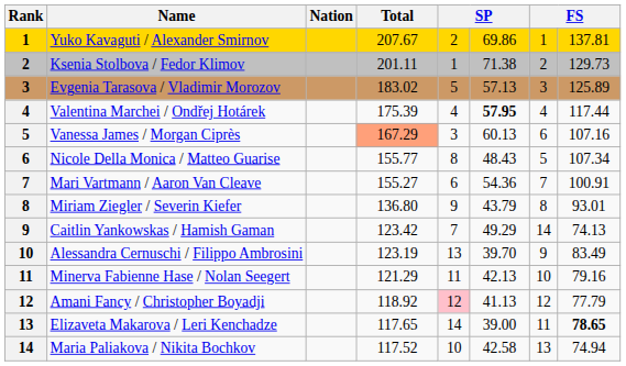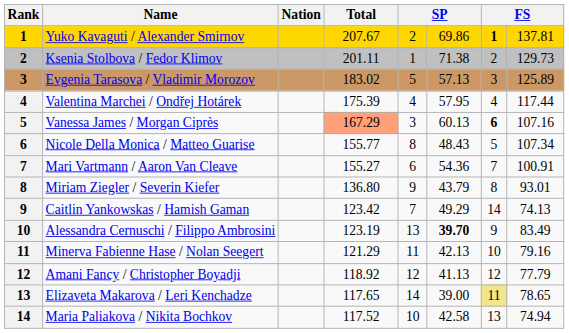 <table class="wikitable sortable">
 <tr>
 <th>Rank</th>
 <th>Name</th>
 <th>Nation</th>
 <th width="80px">Total</th>
 <th colspan="2" width="90px"><a href='#'>SP</a></th>
 <th colspan="2" width="90px"><a href='#'>FS</a></th>
 </tr>
 <tr bgcolor="gold">
 <td align="center"><strong>1</strong></td>
 <td><a href='#'>Yuko Kavaguti</a> / <a href='#'>Alexander Smirnov</a></td>
 <td></td>
 <td align="center">207.67</td>
 <td align="center">2</td>
 <td align="center">69.86</td>
-<td align="center">1</td>
+<td align="center"><strong>1</strong></td>
 <td align="center">137.81</td>
 </tr>
 <tr bgcolor="silver">
 <td align="center"><strong>2</strong></td>
 <td><a href='#'>Ksenia Stolbova</a> / <a href='#'>Fedor Klimov</a></td>
 <td></td>
 <td align="center">201.11</td>
 <td align="center">1</td>
 <td align="center">71.38</td>
 <td align="center">2</td>
 <td align="center">129.73</td>
 </tr>
 <tr bgcolor="cc9966">
 <td align="center"><strong>3</strong></td>
 <td><a href='#'>Evgenia Tarasova</a> / <a href='#'>Vladimir Morozov</a></td>
 <td></td>
 <td align="center">183.02</td>
 <td align="center">5</td>
 <td align="center">57.13</td>
 <td align="center">3</td>
 <td align="center">125.89</td>
 </tr>
 <tr>
 <th>4</th>
 <td><a href='#'>Valentina Marchei</a> / <a href='#'>Ondřej Hotárek</a></td>
 <td></td>
 <td align="center">175.39</td>
 <td align="center">4</td>
-<td align="center"><strong>57.95</strong></td>
+<td align="center">57.95</td>
 <td align="center">4</td>
 <td align="center">117.44</td>
 </tr>
 <tr>
 <th>5</th>
 <td><a href='#'>Vanessa James</a> / <a href='#'>Morgan Ciprès</a></td>
 <td></td>
 <td align="center" style="background: lightsalmon;">167.29</td>
 <td align="center">3</td>
 <td align="center">60.13</td>
-<td align="center">6</td>
+<td align="center"><strong>6</strong></td>
 <td align="center">107.16</td>
 </tr>
 <tr>
 <th>6</th>
 <td><a href='#'>Nicole Della Monica</a> / <a href='#'>Matteo Guarise</a></td>
 <td></td>
 <td align="center">155.77</td>
 <td align="center">8</td>
 <td align="center">48.43</td>
 <td align="center">5</td>
 <td align="center">107.34</td>
 </tr>
 <tr>
 <th>7</th>
 <td><a href='#'>Mari Vartmann</a> / <a href='#'>Aaron Van Cleave</a></td>
 <td></td>
 <td align="center">155.27</td>
 <td align="center">6</td>
 <td align="center">54.36</td>
 <td align="center">7</td>
 <td align="center">100.91</td>
 </tr>
 <tr>
 <th>8</th>
 <td><a href='#'>Miriam Ziegler</a> / <a href='#'>Severin Kiefer</a></td>
 <td></td>
 <td align="center">136.80</td>
 <td align="center">9</td>
 <td align="center">43.79</td>
 <td align="center">8</td>
 <td align="center">93.01</td>
 </tr>
 <tr>
 <th>9</th>
 <td><a href='#'>Caitlin Yankowskas</a> / <a href='#'>Hamish Gaman</a></td>
 <td></td>
 <td align="center">123.42</td>
 <td align="center">7</td>
 <td align="center">49.29</td>
 <td align="center">14</td>
 <td align="center">74.13</td>
 </tr>
 <tr>
 <th>10</th>
 <td><a href='#'>Alessandra Cernuschi</a> / <a href='#'>Filippo Ambrosini</a></td>
 <td></td>
 <td align="center">123.19</td>
 <td align="center">13</td>
-<td align="center">39.70</td>
+<td align="center"><strong>39.70</strong></td>
 <td align="center">9</td>
 <td align="center">83.49</td>
 </tr>
 <tr>
 <th>11</th>
 <td><a href='#'>Minerva Fabienne Hase</a> / <a href='#'>Nolan Seegert</a></td>
 <td></td>
 <td align="center">121.29</td>
 <td align="center">11</td>
 <td align="center">42.13</td>
 <td align="center">10</td>
 <td align="center">79.16</td>
 </tr>
 <tr>
 <th>12</th>
 <td><a href='#'>Amani Fancy</a> / <a href='#'>Christopher Boyadji</a></td>
 <td></td>
 <td align="center">118.92</td>
-<td align="center" style="background: pink;">12</td>
+<td align="center">12</td>
 <td align="center">41.13</td>
 <td align="center">12</td>
 <td align="center">77.79</td>
 </tr>
 <tr>
 <th>13</th>
 <td><a href='#'>Elizaveta Makarova</a> / <a href='#'>Leri Kenchadze</a></td>
 <td></td>
 <td align="center">117.65</td>
 <td align="center">14</td>
 <td align="center">39.00</td>
-<td align="center">11</td>
-<td align="center"><strong>78.65</strong></td>
+<td align="center" style="background: khaki;">11</td>
+<td align="center">78.65</td>
 </tr>
 <tr>
 <th>14</th>
 <td><a href='#'>Maria Paliakova</a> / <a href='#'>Nikita Bochkov</a></td>
 <td></td>
 <td align="center">117.52</td>
 <td align="center">10</td>
 <td align="center">42.58</td>
 <td align="center">13</td>
 <td align="center">74.94</td>
 </tr>
 </table>
